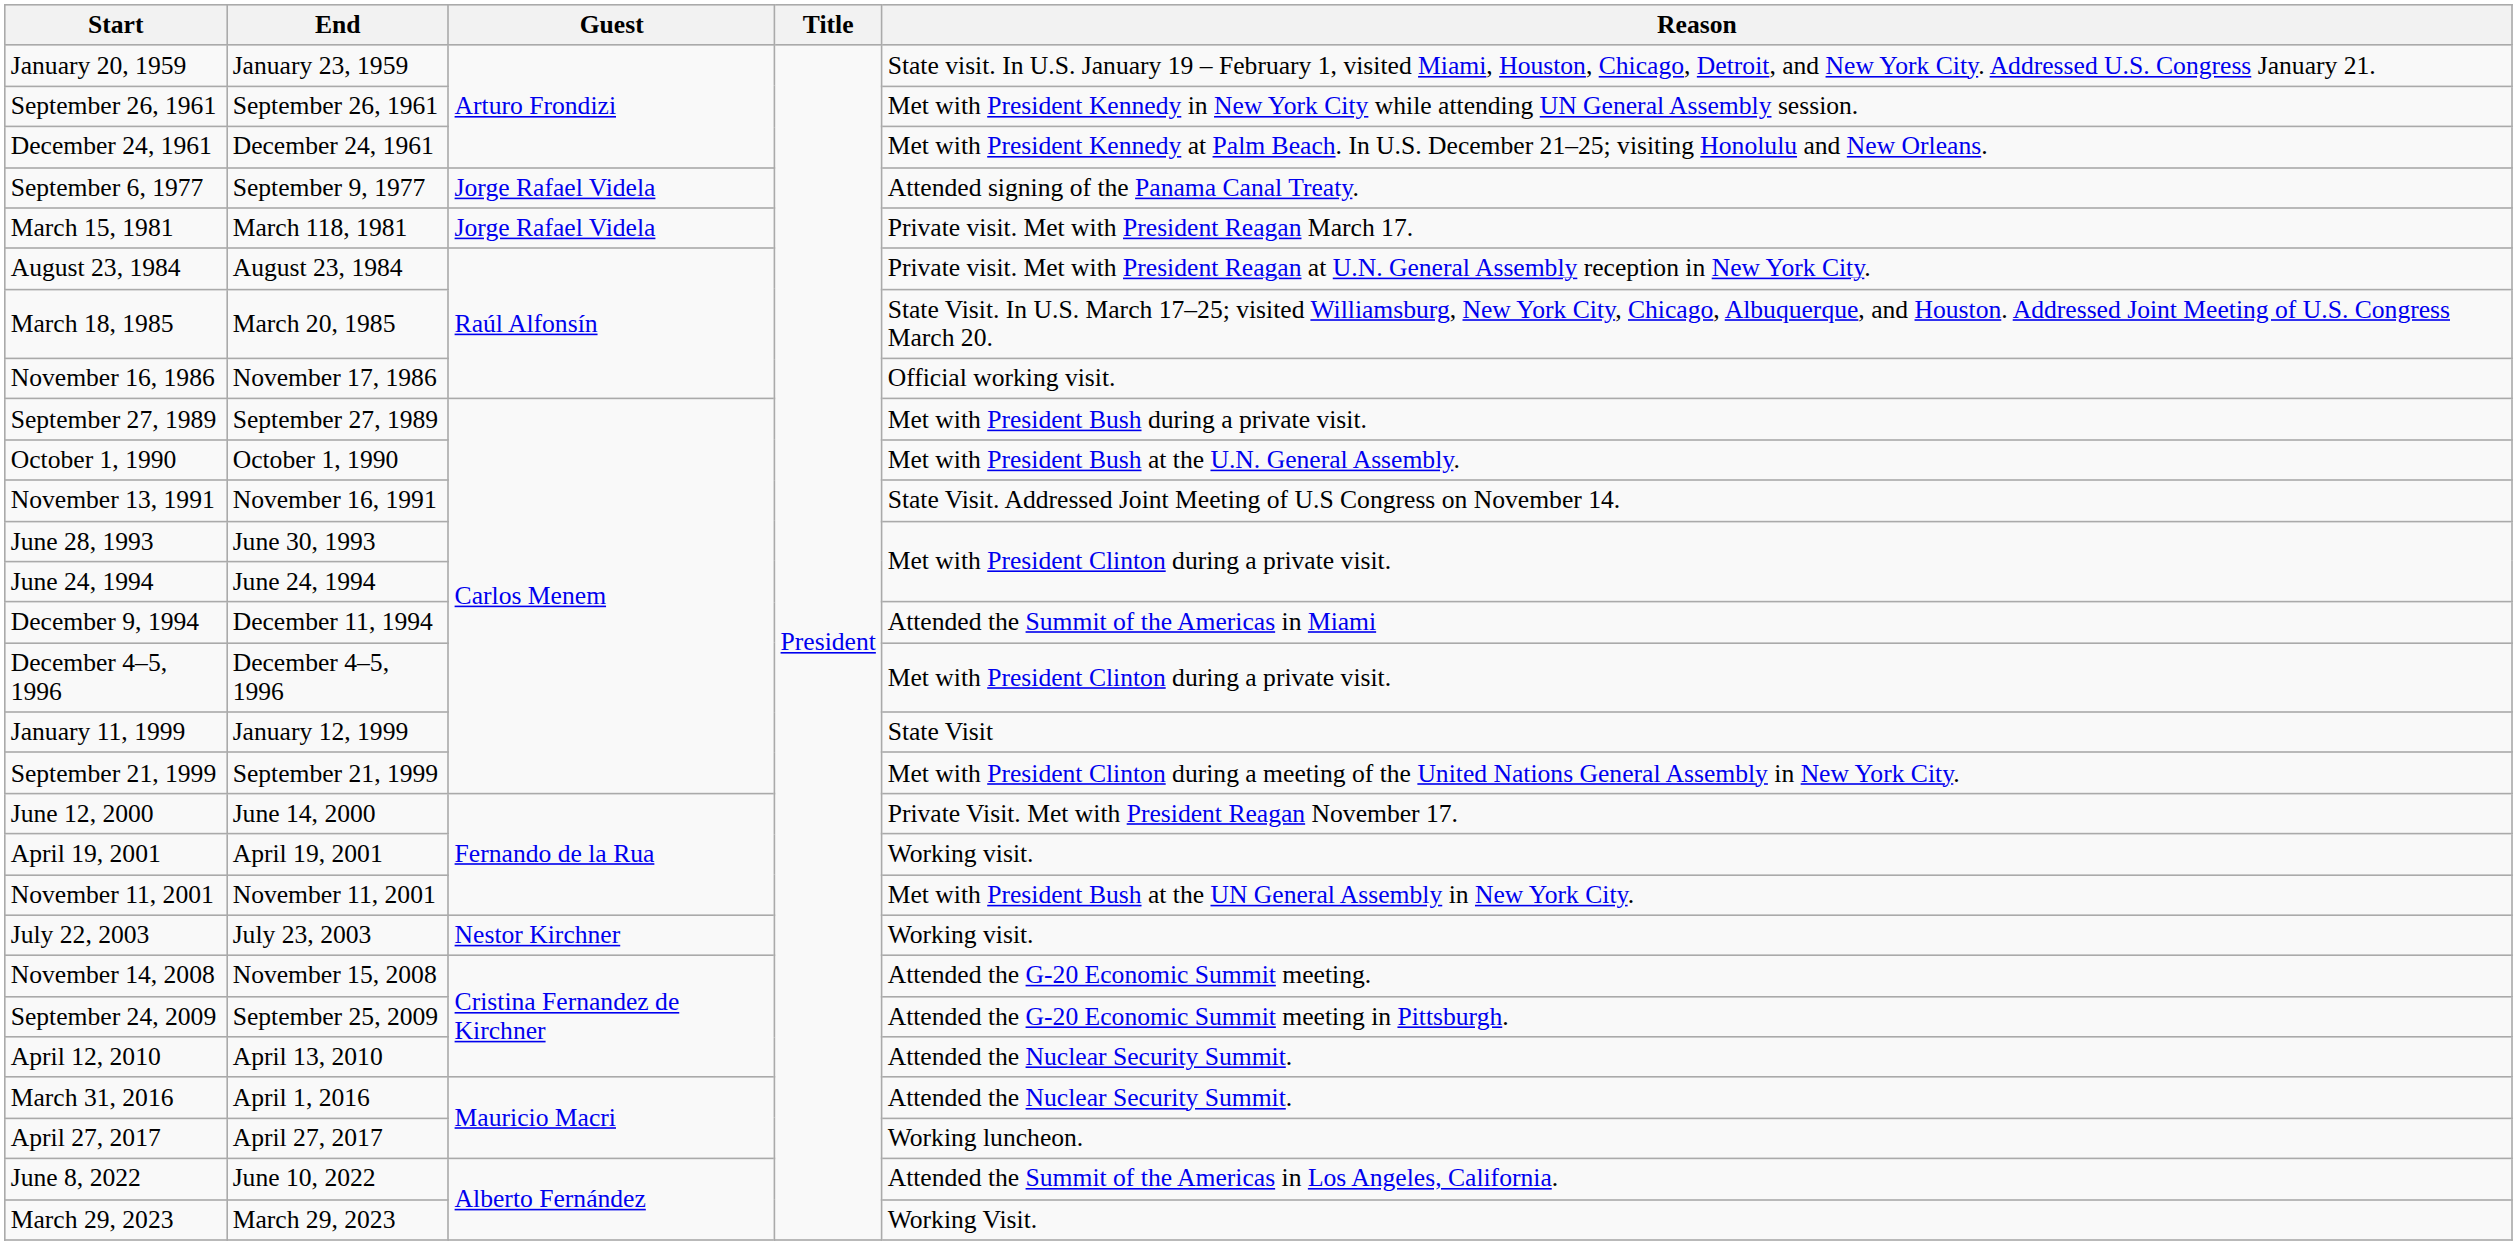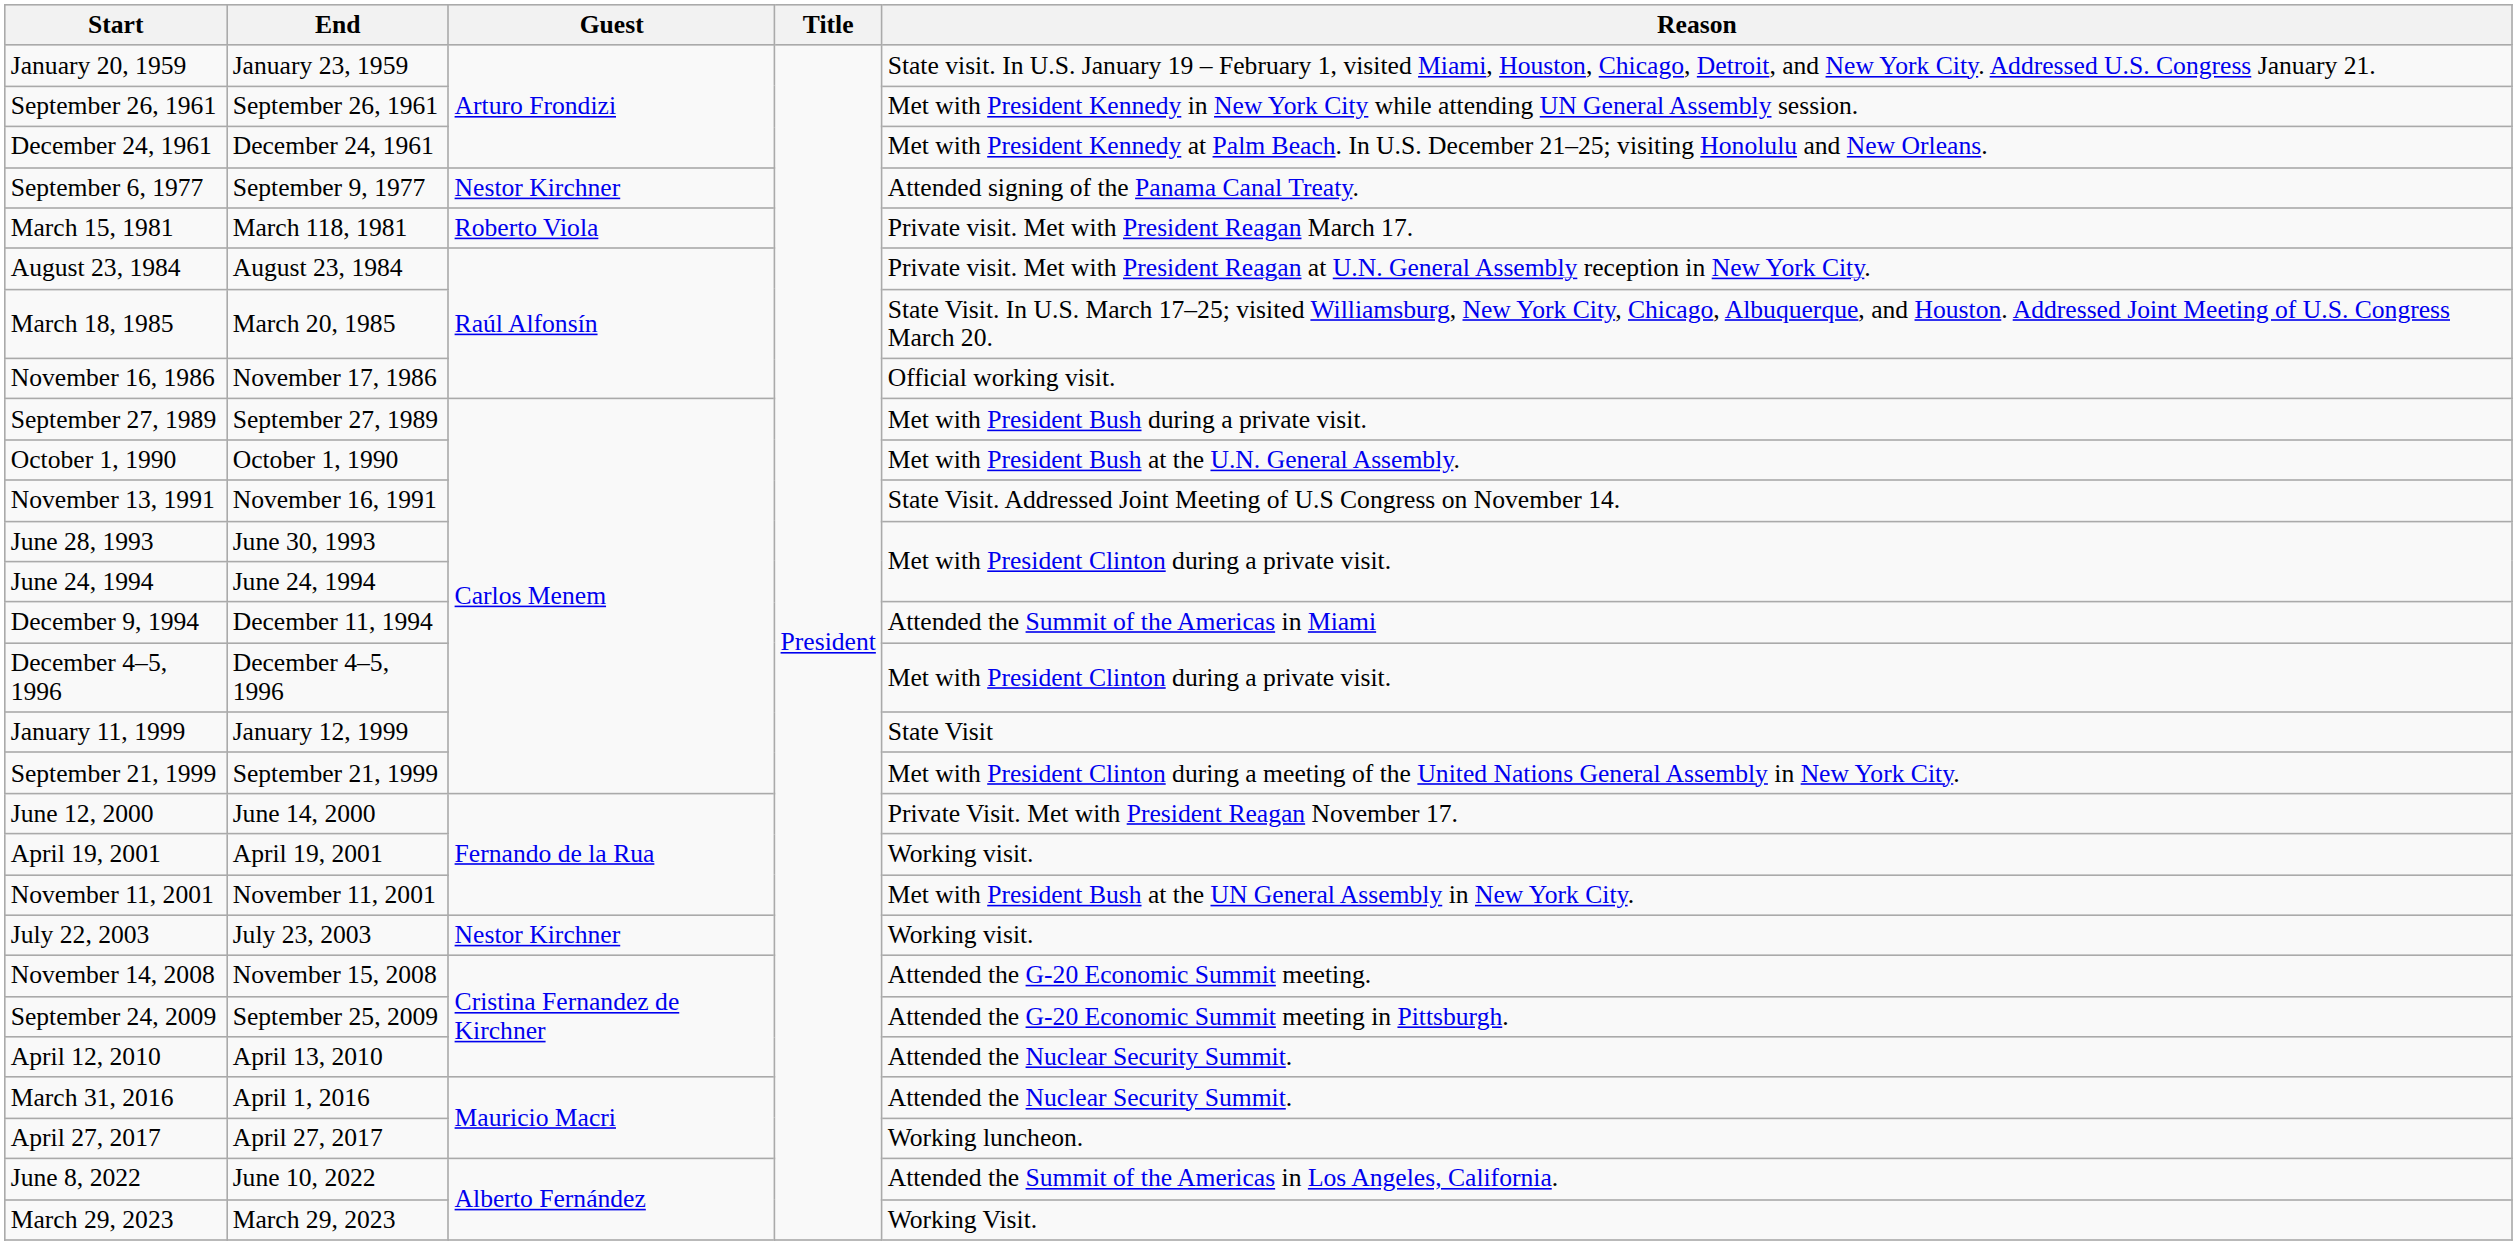 <table class="wikitable sortable">
 <tr>
 <th>Start</th>
 <th>End</th>
 <th>Guest</th>
 <th>Title</th>
 <th>Reason</th>
 </tr>
 <tr>
 <td>January 20, 1959</td>
 <td>January 23, 1959</td>
 <td rowspan=3><a href='#'>Arturo Frondizi</a></td>
 <td rowspan=28><a href='#'>President</a></td>
 <td>State visit. In U.S. January 19 – February 1, visited <a href='#'>Miami</a>, <a href='#'>Houston</a>, <a href='#'>Chicago</a>, <a href='#'>Detroit</a>, and <a href='#'>New York City</a>. <a href='#'>Addressed U.S. Congress</a> January 21.</td>
 </tr>
 <tr>
 <td>September 26, 1961</td>
 <td>September 26, 1961</td>
 <td>Met with <a href='#'>President Kennedy</a> in <a href='#'>New York City</a> while attending <a href='#'>UN General Assembly</a> session.</td>
 </tr>
 <tr>
 <td>December 24, 1961</td>
 <td>December 24, 1961</td>
 <td>Met with <a href='#'>President Kennedy</a> at <a href='#'>Palm Beach</a>. In U.S. December 21–25; visiting <a href='#'>Honolulu</a> and <a href='#'>New Orleans</a>.</td>
 </tr>
 <tr>
 <td>September 6, 1977</td>
 <td>September 9, 1977</td>
-<td><a href='#'>Jorge Rafael Videla</a></td>
+<td><a href='#'>Nestor Kirchner</a></td>
 <td>Attended signing of the <a href='#'>Panama Canal Treaty</a>.</td>
 </tr>
 <tr>
 <td>March 15, 1981</td>
 <td>March 118, 1981</td>
-<td><a href='#'>Jorge Rafael Videla</a></td>
+<td><a href='#'>Roberto Viola</a></td>
 <td>Private visit. Met with <a href='#'>President Reagan</a> March 17.</td>
 </tr>
 <tr>
 <td>August 23, 1984</td>
 <td>August 23, 1984</td>
 <td rowspan=3><a href='#'>Raúl Alfonsín</a></td>
 <td>Private visit. Met with <a href='#'>President Reagan</a> at <a href='#'>U.N. General Assembly</a> reception in <a href='#'>New York City</a>.</td>
 </tr>
 <tr>
 <td>March 18, 1985</td>
 <td>March 20, 1985</td>
 <td>State Visit. In U.S. March 17–25; visited <a href='#'>Williamsburg</a>, <a href='#'>New York City</a>, <a href='#'>Chicago</a>, <a href='#'>Albuquerque</a>, and <a href='#'>Houston</a>. <a href='#'>Addressed Joint Meeting of U.S. Congress</a> March 20.</td>
 </tr>
 <tr>
 <td>November 16, 1986</td>
 <td>November 17, 1986</td>
 <td>Official working visit.</td>
 </tr>
 <tr>
 <td>September 27, 1989</td>
 <td>September 27, 1989</td>
 <td rowspan=9><a href='#'>Carlos Menem</a></td>
 <td>Met with <a href='#'>President Bush</a> during a private visit.</td>
 </tr>
 <tr>
 <td>October 1, 1990</td>
 <td>October 1, 1990</td>
 <td>Met with <a href='#'>President Bush</a> at the <a href='#'>U.N. General Assembly</a>.</td>
 </tr>
 <tr>
 <td>November 13, 1991</td>
 <td>November 16, 1991</td>
 <td>State Visit. Addressed Joint Meeting of U.S Congress on November 14.</td>
 </tr>
 <tr>
 <td>June 28, 1993</td>
 <td>June 30, 1993</td>
 <td rowspan=2>Met with <a href='#'>President Clinton</a> during a private visit.</td>
 </tr>
 <tr>
 <td>June 24, 1994</td>
 <td>June 24, 1994</td>
 </tr>
 <tr>
 <td>December 9, 1994</td>
 <td>December 11, 1994</td>
 <td>Attended the <a href='#'>Summit of the Americas</a> in <a href='#'>Miami</a></td>
 </tr>
 <tr>
 <td>December 4–5, 1996</td>
 <td>December 4–5, 1996</td>
 <td>Met with <a href='#'>President Clinton</a> during a private visit.</td>
 </tr>
 <tr>
 <td>January 11, 1999</td>
 <td>January 12, 1999</td>
 <td>State Visit</td>
 </tr>
 <tr>
 <td>September 21, 1999</td>
 <td>September 21, 1999</td>
 <td>Met with <a href='#'>President Clinton</a> during a meeting of the <a href='#'>United Nations General Assembly</a> in <a href='#'>New York City</a>.</td>
 </tr>
 <tr>
 <td>June 12, 2000</td>
 <td>June 14, 2000</td>
 <td rowspan=3><a href='#'>Fernando de la Rua</a></td>
 <td>Private Visit. Met with <a href='#'>President Reagan</a> November 17.</td>
 </tr>
 <tr>
 <td>April 19, 2001</td>
 <td>April 19, 2001</td>
 <td>Working visit.</td>
 </tr>
 <tr>
 <td>November 11, 2001</td>
 <td>November 11, 2001</td>
 <td>Met with <a href='#'>President Bush</a> at the <a href='#'>UN General Assembly</a> in <a href='#'>New York City</a>.</td>
 </tr>
 <tr>
 <td>July 22, 2003</td>
 <td>July 23, 2003</td>
 <td><a href='#'>Nestor Kirchner</a></td>
 <td>Working visit.</td>
 </tr>
 <tr>
 <td>November 14, 2008</td>
 <td>November 15, 2008</td>
 <td rowspan=3><a href='#'>Cristina Fernandez de Kirchner</a></td>
 <td>Attended the <a href='#'>G-20 Economic Summit</a> meeting.</td>
 </tr>
 <tr>
 <td>September 24, 2009</td>
 <td>September 25, 2009</td>
 <td>Attended the <a href='#'>G-20 Economic Summit</a> meeting in <a href='#'>Pittsburgh</a>.</td>
 </tr>
 <tr>
 <td>April 12, 2010</td>
 <td>April 13, 2010</td>
 <td>Attended the <a href='#'>Nuclear Security Summit</a>.</td>
 </tr>
 <tr>
 <td>March 31, 2016</td>
 <td>April 1, 2016</td>
 <td rowspan=2><a href='#'>Mauricio Macri</a></td>
 <td>Attended the <a href='#'>Nuclear Security Summit</a>.</td>
 </tr>
 <tr>
 <td>April 27, 2017</td>
 <td>April 27, 2017</td>
 <td>Working luncheon.</td>
 </tr>
 <tr>
 <td>June 8, 2022</td>
 <td>June 10, 2022</td>
 <td rowspan=2><a href='#'>Alberto Fernández</a></td>
 <td>Attended the <a href='#'>Summit of the Americas</a> in <a href='#'>Los Angeles, California</a>.</td>
 </tr>
 <tr>
 <td>March 29, 2023</td>
 <td>March 29, 2023</td>
 <td>Working Visit.</td>
 </tr>
 </table>
